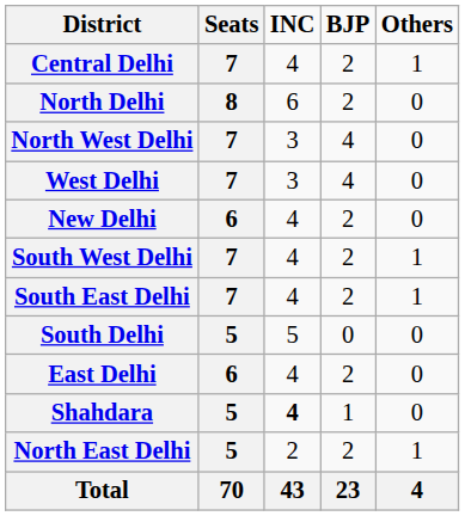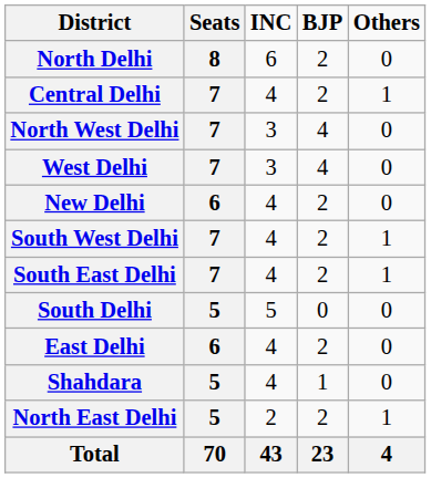 <table class="wikitable sortable" style="text-align:center;">
 <tr>
 <th>District</th>
 <th>Seats</th>
 <td><span><strong>INC</strong></span></td>
 <td><span><strong>BJP</strong></span></td>
 <td><span><strong>Others</strong></span></td>
 </tr>
 <tr>
+<th><a href='#'>North Delhi</a></th>
+<th>8</th>
+<td style="background:">6</td>
+<td>2</td>
+<td>0</td>
+</tr>
+<tr>
 <th><a href='#'>Central Delhi</a></th>
 <th>7</th>
 <td style="background:">4</td>
 <td>2</td>
 <td>1</td>
-</tr>
-<tr>
-<th><a href='#'>North Delhi</a></th>
-<th>8</th>
-<td style="background:">6</td>
-<td>2</td>
-<td>0</td>
 </tr>
 <tr>
 <th><a href='#'>North West Delhi</a></th>
 <th>7</th>
 <td>3</td>
 <td style="background:">4</td>
 <td>0</td>
 </tr>
 <tr>
 <th><a href='#'>West Delhi</a></th>
 <th>7</th>
 <td>3</td>
 <td style="background:">4</td>
 <td>0</td>
 </tr>
 <tr>
 <th><a href='#'>New Delhi</a></th>
 <th>6</th>
 <td style="background:">4</td>
 <td>2</td>
 <td>0</td>
 </tr>
 <tr>
 <th><a href='#'>South West Delhi</a></th>
 <th>7</th>
 <td style="background:">4</td>
 <td>2</td>
 <td>1</td>
 </tr>
 <tr>
 <th><a href='#'>South East Delhi</a></th>
 <th>7</th>
 <td style="background:">4</td>
 <td>2</td>
 <td>1</td>
 </tr>
 <tr>
 <th><a href='#'>South Delhi</a></th>
 <th>5</th>
 <td style="background:">5</td>
 <td>0</td>
 <td>0</td>
 </tr>
 <tr>
 <th><a href='#'>East Delhi</a></th>
 <th>6</th>
 <td style="background:">4</td>
 <td>2</td>
 <td>0</td>
 </tr>
 <tr>
 <th><a href='#'>Shahdara</a></th>
 <th>5</th>
-<td style="background:"><strong>4</strong></td>
+<td style="background:">4</td>
 <td>1</td>
 <td>0</td>
 </tr>
 <tr>
 <th><a href='#'>North East Delhi</a></th>
 <th>5</th>
 <td>2</td>
 <td>2</td>
 <td>1</td>
 </tr>
 <tr>
 <th>Total</th>
 <th>70</th>
 <th>43</th>
 <th>23</th>
 <th>4</th>
 </tr>
 </table>
